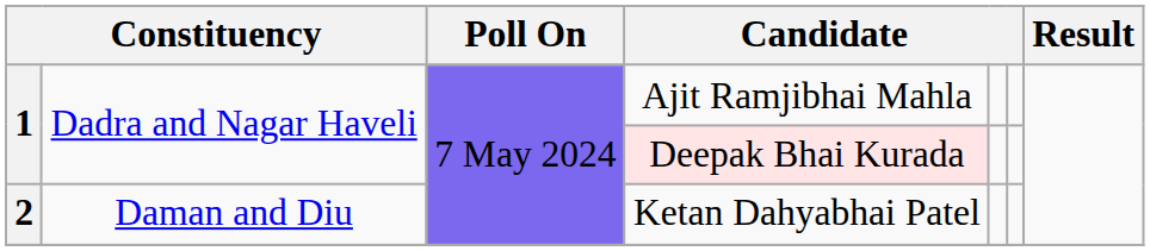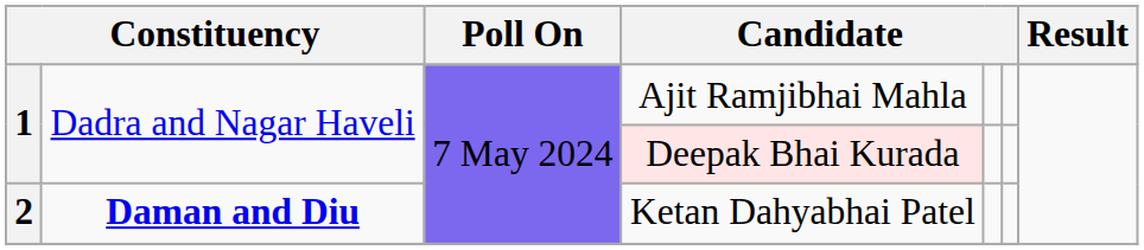 <table class="wikitable " style="text-align:center;">
 <tr>
 <th colspan="2">Constituency</th>
 <th>Poll On</th>
 <th colspan="3">Candidate</th>
 <th>Result</th>
 </tr>
 <tr>
 <th rowspan="2">1</th>
 <td rowspan="2"><a href='#'>Dadra and Nagar Haveli</a></td>
 <td rowspan="3" bgcolor=#7B68EE>7 May 2024</td>
 <td>Ajit Ramjibhai Mahla</td>
 <td></td>
 <td></td>
 </tr>
 <tr>
 <td style="background:#ffe5e5">Deepak Bhai Kurada</td>
 <td></td>
 <td></td>
 </tr>
 <tr>
 <th>2</th>
-<td><a href='#'>Daman and Diu</a></td>
+<td><strong><a href='#'>Daman and Diu</a></strong></td>
 <td>Ketan Dahyabhai Patel</td>
 <td></td>
 <td></td>
 </tr>
 <tr>
 </tr>
 </table>
